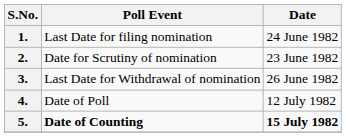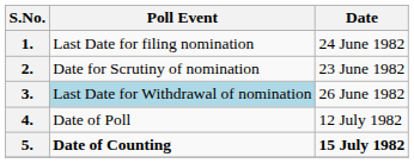 <table class="wikitable sortable">
 <tr>
 <th>S.No.</th>
 <th>Poll Event</th>
 <th>Date</th>
 </tr>
 <tr>
 <th>1.</th>
 <td>Last Date for filing nomination</td>
 <td>24 June 1982</td>
 </tr>
 <tr>
 <th>2.</th>
 <td>Date for Scrutiny of nomination</td>
 <td>23 June 1982</td>
 </tr>
 <tr>
 <th>3.</th>
-<td>Last Date for Withdrawal of nomination</td>
+<td style="background: lightblue;">Last Date for Withdrawal of nomination</td>
 <td>26 June 1982</td>
 </tr>
 <tr>
 <th>4.</th>
 <td>Date of Poll</td>
 <td>12 July 1982</td>
 </tr>
 <tr>
 <th>5.</th>
 <td><strong>Date of Counting</strong></td>
 <td colspan="2" style="text-align:center"><strong>15 July 1982</strong></td>
 </tr>
 <tr>
 </tr>
 </table>
